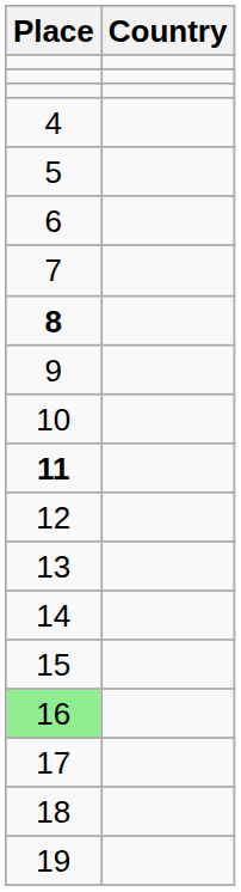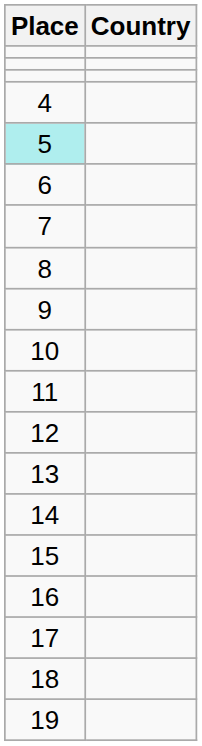 <table class="wikitable" style="font-size:95%;">
 <tr>
 <th>Place</th>
 <th>Country</th>
 </tr>
 <tr>
 <td align=center></td>
 <td></td>
 </tr>
 <tr>
 <td align=center></td>
 <td></td>
 </tr>
 <tr>
 <td align=center></td>
 <td></td>
 </tr>
 <tr>
 <td align=center>4</td>
 <td></td>
 </tr>
 <tr>
-<td align=center>5</td>
+<td align=center style="background: paleturquoise;">5</td>
 <td></td>
 </tr>
 <tr>
 <td align=center>6</td>
 <td></td>
 </tr>
 <tr>
 <td align=center>7</td>
 <td></td>
 </tr>
 <tr>
-<td align=center><strong>8</strong></td>
+<td align=center>8</td>
 <td></td>
 </tr>
 <tr>
 <td align=center>9</td>
 <td></td>
 </tr>
 <tr>
 <td align=center>10</td>
 <td></td>
 </tr>
 <tr>
-<td align=center><strong>11</strong></td>
+<td align=center>11</td>
 <td></td>
 </tr>
 <tr>
 <td align=center>12</td>
 <td></td>
 </tr>
 <tr>
 <td align=center>13</td>
 <td></td>
 </tr>
 <tr>
 <td align=center>14</td>
 <td></td>
 </tr>
 <tr>
 <td align=center>15</td>
 <td></td>
 </tr>
 <tr>
-<td align=center style="background: lightgreen;">16</td>
+<td align=center>16</td>
 <td></td>
 </tr>
 <tr>
 <td align=center>17</td>
 <td></td>
 </tr>
 <tr>
 <td align=center>18</td>
 <td></td>
 </tr>
 <tr>
 <td align=center>19</td>
 <td></td>
 </tr>
 </table>
